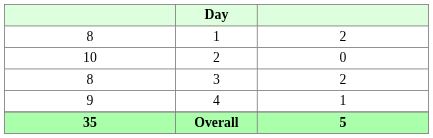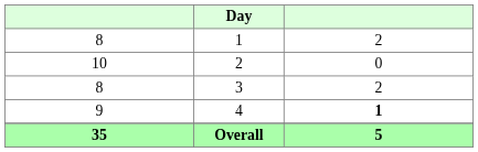 <table border="1" cellpadding="3" style="border-collapse:collapse; text-align:center;">
 <tr style="background:#dfd;">
 <th style="width:12em;"></th>
 <th style="width:5.5em;">Day</th>
 <th style="width:12em;"></th>
 </tr>
 <tr>
 <td>8</td>
 <td align=center>1</td>
 <td>2</td>
 </tr>
 <tr>
 <td>10</td>
 <td align=center>2</td>
 <td>0</td>
 </tr>
 <tr>
 <td>8</td>
 <td align=center>3</td>
 <td>2</td>
 </tr>
 <tr>
 <td>9</td>
 <td align=center>4</td>
-<td>1</td>
+<td><strong>1</strong></td>
 </tr>
 <tr style="background:#dfd;">
 </tr>
 <tr style="background:#afa;">
 <th>35</th>
 <th>Overall</th>
 <th>5</th>
 </tr>
 </table>
